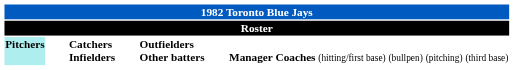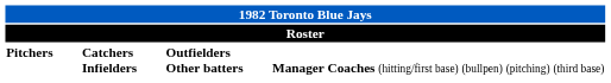 <table class="toccolours" style="font-size: 95%;">
 <tr>
 <th colspan="10" style="background:#005ac0; color:#fff; text-align:center;">1982 Toronto Blue Jays</th>
 </tr>
 <tr>
 <td colspan="10" style="background:black; color:white; text-align:center;"><strong>Roster</strong></td>
 </tr>
 <tr>
-<td valign="top" style="background: paleturquoise;"><strong>Pitchers</strong><br>            </td>
+<td valign="top"><strong>Pitchers</strong><br>            </td>
 <td style="width:25px;"></td>
 <td valign="top"><strong>Catchers</strong><br>   <strong>Infielders</strong>       </td>
 <td style="width:25px;"></td>
 <td valign="top"><strong>Outfielders</strong><br>       <strong>Other batters</strong>      </td>
 <td style="width:25px;"></td>
 <td valign="top"><br><strong>Manager</strong>  <strong>Coaches</strong>  <small>(hitting/first base)</small>  <small>(bullpen)</small>  <small>(pitching)</small>  <small>(third base)</small></td>
 </tr>
 </table>
